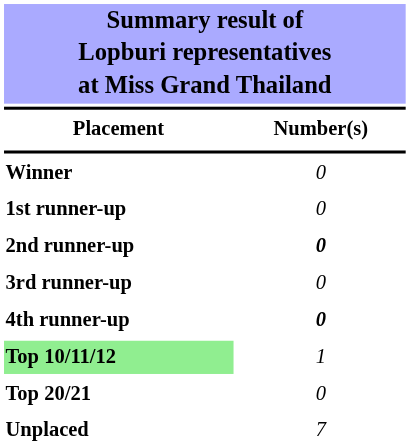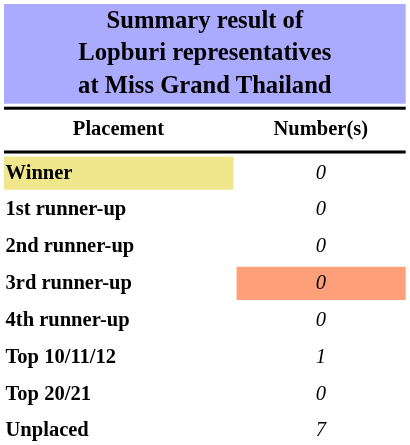 <table style="width: 270px; font-size:85%; line-height:1.5em;">
 <tr>
 <th colspan="2" align="center" style="background:#AAF;"><big>Summary result of<br>Lopburi representatives<br>at Miss Grand Thailand</big></th>
 </tr>
 <tr>
 <td colspan="2" style="background:black"></td>
 </tr>
 <tr>
 <th scope="col">Placement</th>
 <th scope="col">Number(s)</th>
 </tr>
 <tr>
 <td colspan="2" style="background:black"></td>
 </tr>
 <tr>
-<td align="left"><strong>Winner</strong></td>
+<td align="left" style="background: khaki;"><strong>Winner</strong></td>
 <td align="center"><em>0</em></td>
 </tr>
 <tr>
 <td align="left"><strong>1st runner-up</strong></td>
 <td align="center"><em>0</em></td>
 </tr>
 <tr>
 <td align="left"><strong>2nd runner-up</strong></td>
-<td align="center"><strong><em>0</em></strong></td>
+<td align="center"><em>0</em></td>
 </tr>
 <tr>
 <td align="left"><strong>3rd runner-up</strong></td>
+<td align="center" style="background: lightsalmon;"><em>0</em></td>
+</tr>
+<tr>
+<td align="left"><strong>4th runner-up</strong></td>
 <td align="center"><em>0</em></td>
 </tr>
 <tr>
-<td align="left"><strong>4th runner-up</strong></td>
-<td align="center"><strong><em>0</em></strong></td>
-</tr>
-<tr>
-<td align="left" style="background: lightgreen;"><strong>Top 10/11/12</strong></td>
+<td align="left"><strong>Top 10/11/12</strong></td>
 <td align="center"><em>1</em></td>
 </tr>
 <tr>
 <td align="left"><strong>Top 20/21</strong></td>
 <td align="center"><em>0</em></td>
 </tr>
 <tr>
 <td align="left"><strong>Unplaced</strong></td>
 <td align="center"><em>7</em></td>
 </tr>
 </table>
